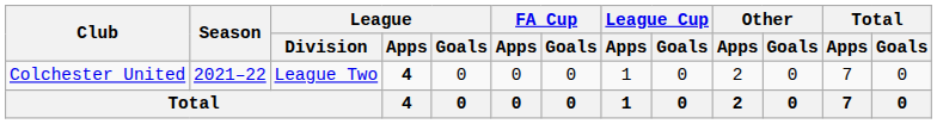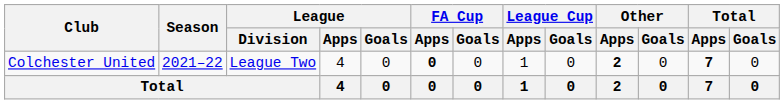 <table class=wikitable style=text-align:center>
 <tr>
 <th rowspan=2>Club</th>
 <th rowspan=2>Season</th>
 <th colspan=3>League</th>
 <th colspan=2><a href='#'>FA Cup</a></th>
 <th colspan=2><a href='#'>League Cup</a></th>
 <th colspan=2>Other</th>
 <th colspan=2>Total</th>
 </tr>
 <tr>
 <th>Division</th>
 <th>Apps</th>
 <th>Goals</th>
 <th>Apps</th>
 <th>Goals</th>
 <th>Apps</th>
 <th>Goals</th>
 <th>Apps</th>
 <th>Goals</th>
 <th>Apps</th>
 <th>Goals</th>
 </tr>
 <tr>
 <td><a href='#'>Colchester United</a></td>
 <td><a href='#'>2021–22</a></td>
 <td><a href='#'>League Two</a></td>
-<td><strong>4</strong></td>
+<td>4</td>
 <td>0</td>
-<td>0</td>
+<td><strong>0</strong></td>
 <td>0</td>
 <td>1</td>
 <td>0</td>
-<td>2</td>
+<td><strong>2</strong></td>
 <td>0</td>
-<td>7</td>
+<td><strong>7</strong></td>
 <td>0</td>
 </tr>
 <tr>
 <th colspan=3>Total</th>
 <th>4</th>
 <th>0</th>
 <th>0</th>
 <th>0</th>
 <th>1</th>
 <th>0</th>
 <th>2</th>
 <th>0</th>
 <th>7</th>
 <th>0</th>
 </tr>
 </table>
